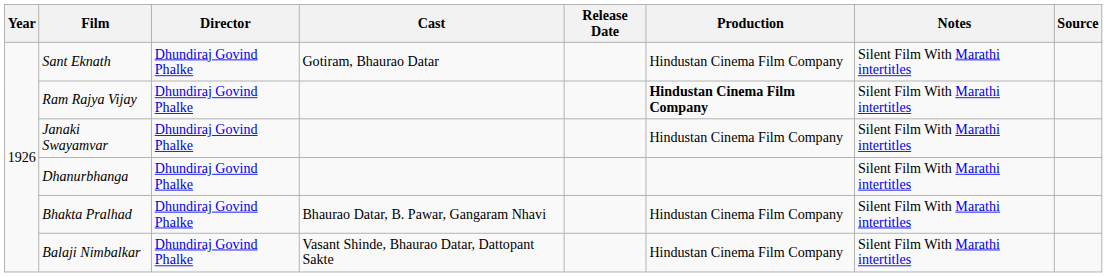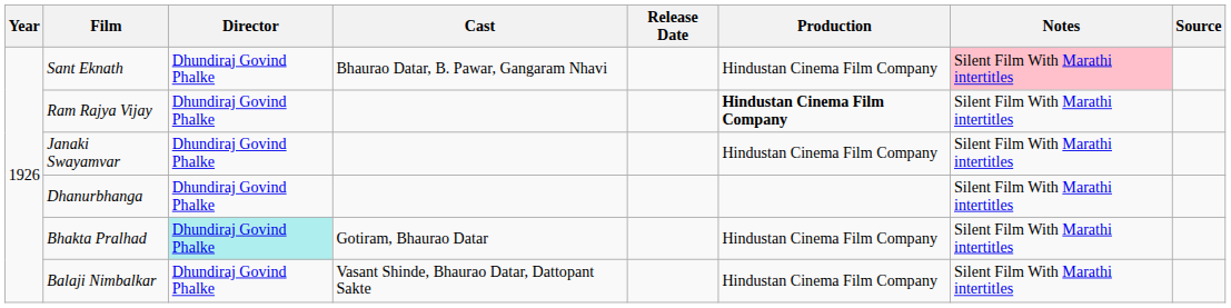 <table class ="wikitable sortable collapsible">
 <tr>
 <th>Year</th>
 <th>Film</th>
 <th>Director</th>
 <th class="unsortable">Cast</th>
 <th>Release Date</th>
 <th class="unsortable">Production</th>
 <th class="unsortable">Notes</th>
 <th class="unsortable">Source</th>
 </tr>
 <tr>
 <td rowspan=6 align="center">1926</td>
 <td><em>Sant Eknath </em></td>
 <td><a href='#'>Dhundiraj Govind Phalke</a></td>
-<td>Gotiram, Bhaurao Datar</td>
+<td>Bhaurao Datar, B. Pawar, Gangaram Nhavi</td>
 <td></td>
 <td>Hindustan Cinema Film Company</td>
-<td>Silent Film With <a href='#'>Marathi</a> <a href='#'>intertitles</a></td>
+<td style="background: pink;">Silent Film With <a href='#'>Marathi</a> <a href='#'>intertitles</a></td>
 <td></td>
 </tr>
 <tr>
 <td><em>Ram Rajya Vijay</em></td>
 <td><a href='#'>Dhundiraj Govind Phalke</a></td>
 <td></td>
 <td></td>
 <td><strong>Hindustan Cinema Film Company</strong></td>
 <td>Silent Film With <a href='#'>Marathi</a> <a href='#'>intertitles</a></td>
 <td></td>
 </tr>
 <tr>
 <td><em>Janaki Swayamvar</em></td>
 <td><a href='#'>Dhundiraj Govind Phalke</a></td>
 <td></td>
 <td></td>
 <td>Hindustan Cinema Film Company</td>
 <td>Silent Film With <a href='#'>Marathi</a> <a href='#'>intertitles</a></td>
 <td></td>
 </tr>
 <tr>
 <td><em>Dhanurbhanga</em></td>
 <td><a href='#'>Dhundiraj Govind Phalke</a></td>
 <td></td>
 <td></td>
 <td></td>
 <td>Silent Film With <a href='#'>Marathi</a> <a href='#'>intertitles</a></td>
 <td></td>
 </tr>
 <tr>
 <td><em>Bhakta Pralhad</em></td>
-<td><a href='#'>Dhundiraj Govind Phalke</a></td>
-<td>Bhaurao Datar, B. Pawar, Gangaram Nhavi</td>
+<td style="background: paleturquoise;"><a href='#'>Dhundiraj Govind Phalke</a></td>
+<td>Gotiram, Bhaurao Datar</td>
 <td></td>
 <td>Hindustan Cinema Film Company</td>
 <td>Silent Film With <a href='#'>Marathi</a> <a href='#'>intertitles</a></td>
 <td></td>
 </tr>
 <tr>
 <td><em>Balaji Nimbalkar</em></td>
 <td><a href='#'>Dhundiraj Govind Phalke</a></td>
 <td>Vasant Shinde, Bhaurao Datar, Dattopant Sakte</td>
 <td></td>
 <td>Hindustan Cinema Film Company</td>
 <td>Silent Film With <a href='#'>Marathi</a> <a href='#'>intertitles</a></td>
 <td></td>
 </tr>
 </table>
